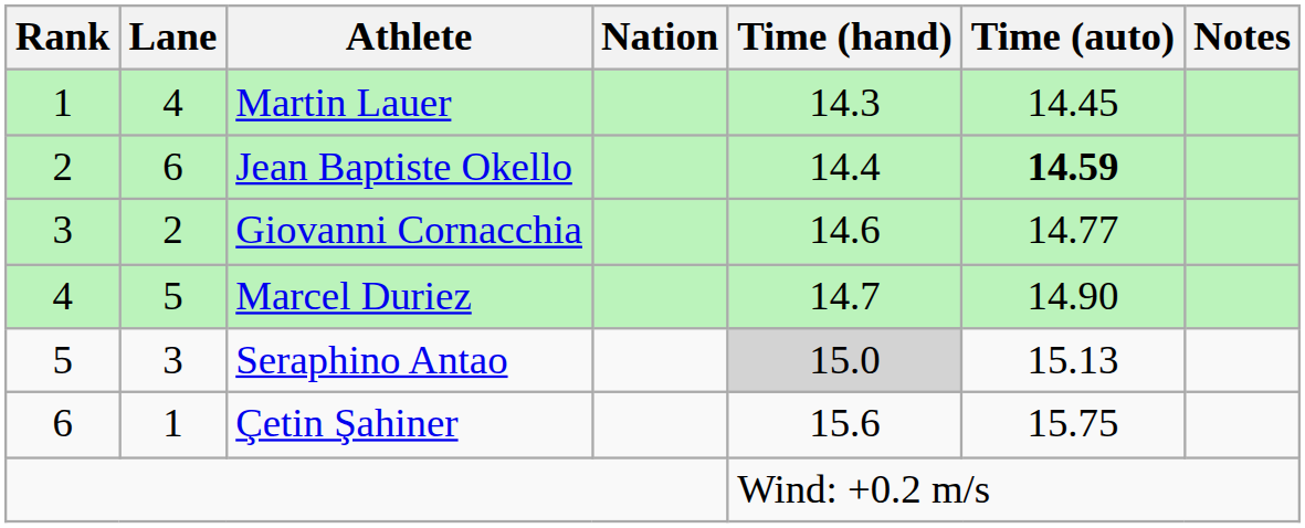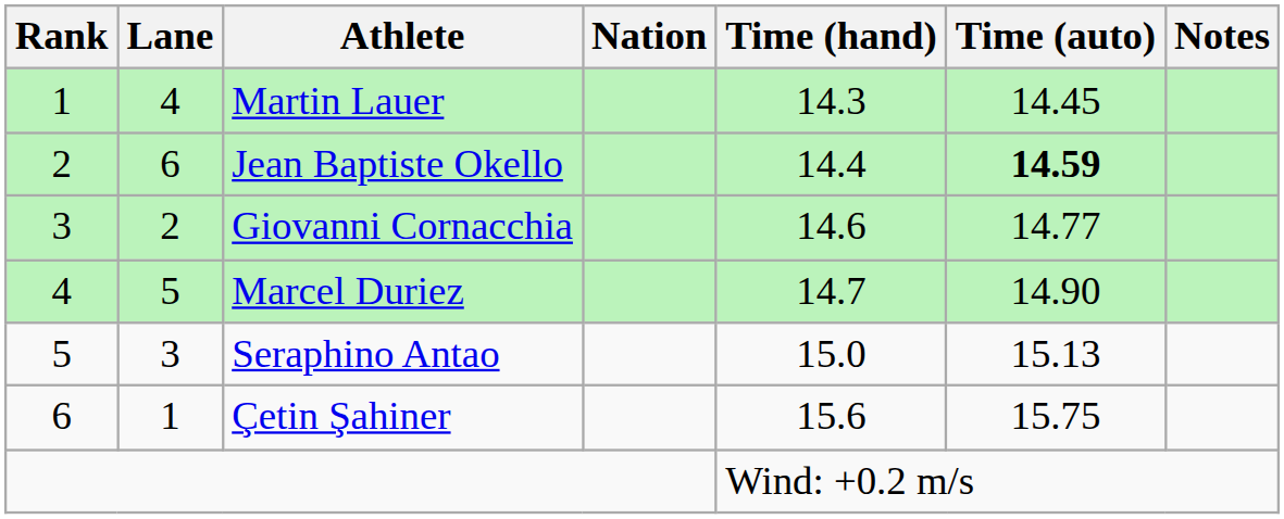 <table class="wikitable sortable" style="text-align:center">
 <tr>
 <th>Rank</th>
 <th>Lane</th>
 <th>Athlete</th>
 <th>Nation</th>
 <th>Time (hand)</th>
 <th>Time (auto)</th>
 <th>Notes</th>
 </tr>
 <tr bgcolor=bbf3bb>
 <td>1</td>
 <td>4</td>
 <td align=left><a href='#'>Martin Lauer</a></td>
 <td align=left></td>
 <td>14.3</td>
 <td>14.45</td>
 <td></td>
 </tr>
 <tr bgcolor=bbf3bb>
 <td>2</td>
 <td>6</td>
 <td align=left><a href='#'>Jean Baptiste Okello</a></td>
 <td align=left></td>
 <td>14.4</td>
 <td><strong>14.59</strong></td>
 <td></td>
 </tr>
 <tr bgcolor=bbf3bb>
 <td>3</td>
 <td>2</td>
 <td align=left><a href='#'>Giovanni Cornacchia</a></td>
 <td align=left></td>
 <td>14.6</td>
 <td>14.77</td>
 <td></td>
 </tr>
 <tr bgcolor=bbf3bb>
 <td>4</td>
 <td>5</td>
 <td align=left><a href='#'>Marcel Duriez</a></td>
 <td align=left></td>
 <td>14.7</td>
 <td>14.90</td>
 <td></td>
 </tr>
 <tr>
 <td>5</td>
 <td>3</td>
 <td align=left><a href='#'>Seraphino Antao</a></td>
 <td align=left></td>
-<td style="background: lightgrey;">15.0</td>
+<td>15.0</td>
 <td>15.13</td>
 <td></td>
 </tr>
 <tr>
 <td>6</td>
 <td>1</td>
 <td align=left><a href='#'>Çetin Şahiner</a></td>
 <td align=left></td>
 <td>15.6</td>
 <td>15.75</td>
 <td></td>
 </tr>
 <tr class="sortbottom">
 <td colspan=4></td>
 <td colspan="3" style="text-align:left;">Wind: +0.2 m/s</td>
 </tr>
 </table>
